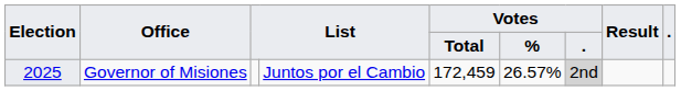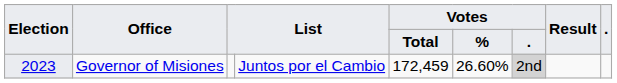 <table class="wikitable" style="font-size:90%; text-align:center;">
 <tr>
 <th style="background-color:#EAECF0;" rowspan=2>Election</th>
 <th style="background-color:#EAECF0;" rowspan=2>Office</th>
 <th style="background-color:#EAECF0;" colspan=2 rowspan=2>List</th>
 <th style="background-color:#EAECF0;" colspan=3>Votes</th>
 <th style="background-color:#EAECF0;" rowspan=2>Result</th>
 <th style="background-color:#EAECF0;" rowspan=2>.</th>
 </tr>
 <tr>
 <th style="background-color:#EAECF0;">Total</th>
 <th style="background-color:#EAECF0;">%</th>
 <th style="background-color:#EAECF0;">.</th>
 </tr>
 <tr>
-<td style="background-color:#EAECF0;"><a href='#'>2025</a></td>
+<td style="background-color:#EAECF0;"><a href='#'>2023</a></td>
 <td><a href='#'>Governor of Misiones</a></td>
 <td style="background-color:"></td>
 <td><a href='#'>Juntos por el Cambio</a></td>
 <td>172,459</td>
-<td>26.57%</td>
+<td>26.60%</td>
 <td style="background: lightgrey;">2nd</td>
 <td></td>
 <td></td>
 </tr>
 </table>
